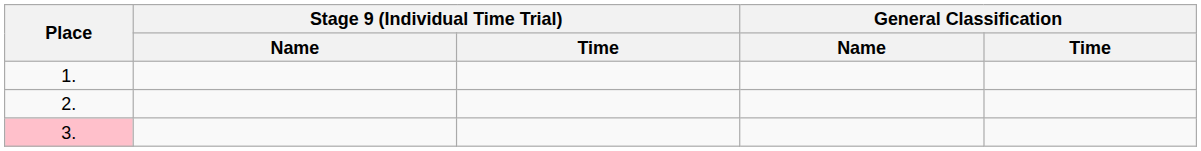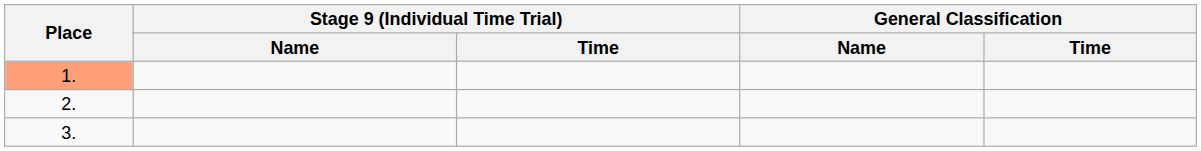 <table class="wikitable"  style="font-size:95%; width:80%;">
 <tr>
 <th rowspan="2">Place</th>
 <th colspan="2">Stage 9 (Individual Time Trial)</th>
 <th colspan="2">General Classification</th>
 </tr>
 <tr>
 <th>Name</th>
 <th>Time</th>
 <th>Name</th>
 <th>Time</th>
 </tr>
 <tr>
-<td style="text-align:center;">1.</td>
+<td style="background: lightsalmon; text-align:center;">1.</td>
 <td></td>
 <td></td>
 <td></td>
 <td></td>
 </tr>
 <tr>
 <td style="text-align:center;">2.</td>
 <td></td>
 <td></td>
 <td></td>
 <td></td>
 </tr>
 <tr>
-<td style="background: pink; text-align:center;">3.</td>
+<td style="text-align:center;">3.</td>
 <td></td>
 <td></td>
 <td></td>
 <td></td>
 </tr>
 </table>
